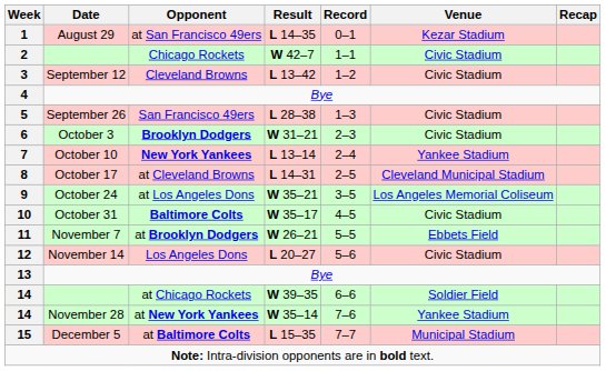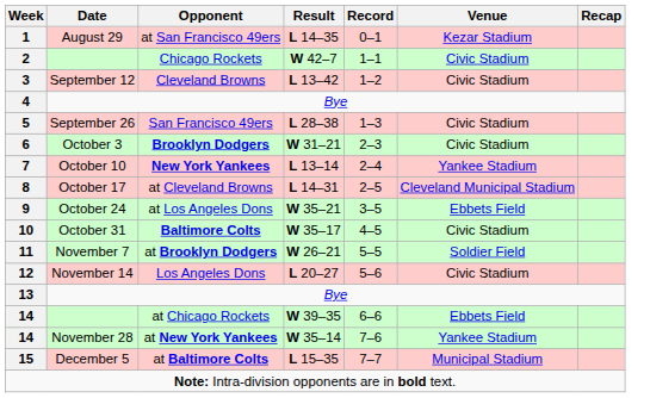 <table class="wikitable" style="text-align:center">
 <tr>
 <th>Week</th>
 <th>Date</th>
 <th>Opponent</th>
 <th>Result</th>
 <th>Record</th>
 <th>Venue</th>
 <th>Recap</th>
 </tr>
 <tr style="background:#fcc">
 <th>1</th>
 <td>August 29</td>
 <td>at <a href='#'>San Francisco 49ers</a></td>
 <td><strong>L</strong> 14–35</td>
 <td>0–1</td>
 <td><a href='#'>Kezar Stadium</a></td>
 <td></td>
 </tr>
 <tr style="background:#cfc">
 <th>2</th>
 <td></td>
 <td><a href='#'>Chicago Rockets</a></td>
 <td><strong>W</strong> 42–7</td>
 <td>1–1</td>
 <td><a href='#'>Civic Stadium</a></td>
 <td></td>
 </tr>
 <tr style="background:#fcc">
 <th>3</th>
 <td>September 12</td>
 <td><a href='#'>Cleveland Browns</a></td>
 <td><strong>L</strong> 13–42</td>
 <td>1–2</td>
 <td>Civic Stadium</td>
 <td></td>
 </tr>
 <tr>
 <th>4</th>
 <td colspan="6"><em><a href='#'>Bye</a></em></td>
 </tr>
 <tr style="background:#fcc">
 <th>5</th>
 <td>September 26</td>
 <td><a href='#'>San Francisco 49ers</a></td>
 <td><strong>L</strong> 28–38</td>
 <td>1–3</td>
 <td>Civic Stadium</td>
 <td></td>
 </tr>
 <tr style="background:#cfc">
 <th>6</th>
 <td>October 3</td>
 <td><strong><a href='#'>Brooklyn Dodgers</a></strong></td>
 <td><strong>W</strong> 31–21</td>
 <td>2–3</td>
 <td>Civic Stadium</td>
 <td></td>
 </tr>
 <tr style="background:#fcc">
 <th>7</th>
 <td>October 10</td>
 <td><strong><a href='#'>New York Yankees</a></strong></td>
 <td><strong>L</strong> 13–14</td>
 <td>2–4</td>
 <td><a href='#'>Yankee Stadium</a></td>
 <td></td>
 </tr>
 <tr style="background:#fcc">
 <th>8</th>
 <td>October 17</td>
 <td>at <a href='#'>Cleveland Browns</a></td>
 <td><strong>L</strong> 14–31</td>
 <td>2–5</td>
 <td><a href='#'>Cleveland Municipal Stadium</a></td>
 <td></td>
 </tr>
 <tr style="background:#cfc">
 <th>9</th>
 <td>October 24</td>
 <td>at <a href='#'>Los Angeles Dons</a></td>
 <td><strong>W</strong> 35–21</td>
 <td>3–5</td>
-<td><a href='#'>Los Angeles Memorial Coliseum</a></td>
+<td><a href='#'>Ebbets Field</a></td>
 <td></td>
 </tr>
 <tr style="background:#cfc">
 <th>10</th>
 <td>October 31</td>
 <td><strong><a href='#'>Baltimore Colts</a></strong></td>
 <td><strong>W</strong> 35–17</td>
 <td>4–5</td>
 <td>Civic Stadium</td>
 <td></td>
 </tr>
 <tr style="background:#cfc">
 <th>11</th>
 <td>November 7</td>
 <td>at <strong><a href='#'>Brooklyn Dodgers</a></strong></td>
 <td><strong>W</strong> 26–21</td>
 <td>5–5</td>
-<td><a href='#'>Ebbets Field</a></td>
+<td><a href='#'>Soldier Field</a></td>
 <td></td>
 </tr>
 <tr style="background:#fcc">
 <th>12</th>
 <td>November 14</td>
 <td><a href='#'>Los Angeles Dons</a></td>
 <td><strong>L</strong> 20–27</td>
 <td>5–6</td>
 <td>Civic Stadium</td>
 <td></td>
 </tr>
 <tr>
 <th>13</th>
 <td colspan="6"><em><a href='#'>Bye</a></em></td>
 </tr>
 <tr style="background:#cfc">
 <th>14</th>
 <td></td>
 <td>at <a href='#'>Chicago Rockets</a></td>
 <td><strong>W</strong> 39–35</td>
 <td>6–6</td>
-<td><a href='#'>Soldier Field</a></td>
+<td><a href='#'>Ebbets Field</a></td>
 <td></td>
 </tr>
 <tr style="background:#cfc">
 <th>14</th>
 <td>November 28</td>
 <td>at <strong><a href='#'>New York Yankees</a></strong></td>
 <td><strong>W</strong> 35–14</td>
 <td>7–6</td>
 <td><a href='#'>Yankee Stadium</a></td>
 <td></td>
 </tr>
 <tr style="background:#fcc">
 <th>15</th>
 <td>December 5</td>
 <td>at <strong><a href='#'>Baltimore Colts</a></strong></td>
 <td><strong>L</strong> 15–35</td>
 <td>7–7</td>
 <td><a href='#'>Municipal Stadium</a></td>
 <td></td>
 </tr>
 <tr>
 <td colspan="8"><strong>Note:</strong> Intra-division opponents are in <strong>bold</strong> text.</td>
 </tr>
 </table>
